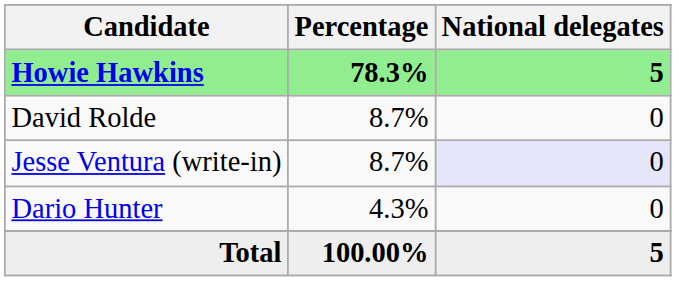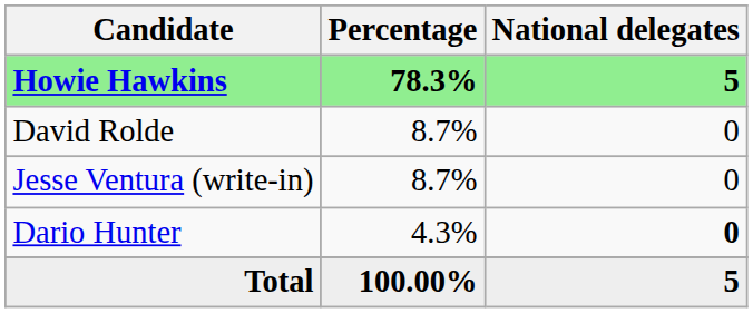 <table class="wikitable" style="text-align:right;">
 <tr>
 <th>Candidate</th>
 <th>Percentage</th>
 <th>National delegates</th>
 </tr>
 <tr style="background:lightgreen;">
 <td style="text-align:left;"><strong><a href='#'>Howie Hawkins</a></strong></td>
 <td><strong>78.3%</strong></td>
 <td><strong>5</strong></td>
 </tr>
 <tr>
 <td style="text-align:left;">David Rolde</td>
 <td>8.7%</td>
 <td>0</td>
 </tr>
 <tr>
 <td style="text-align:left;"><a href='#'>Jesse Ventura</a> (write-in)</td>
 <td>8.7%</td>
-<td style="background: lavender;">0</td>
+<td>0</td>
 </tr>
 <tr>
 <td style="text-align:left;"><a href='#'>Dario Hunter</a></td>
 <td>4.3%</td>
-<td>0</td>
+<td><strong>0</strong></td>
 </tr>
 <tr>
 </tr>
 <tr style="background:#eee;">
 <td style="margin-right:0.50px"><strong>Total</strong></td>
 <td style="margin-right:0.50px"><strong>100.00%</strong></td>
 <td style="margin-right:0.50px"><strong>5</strong></td>
 </tr>
 </table>
